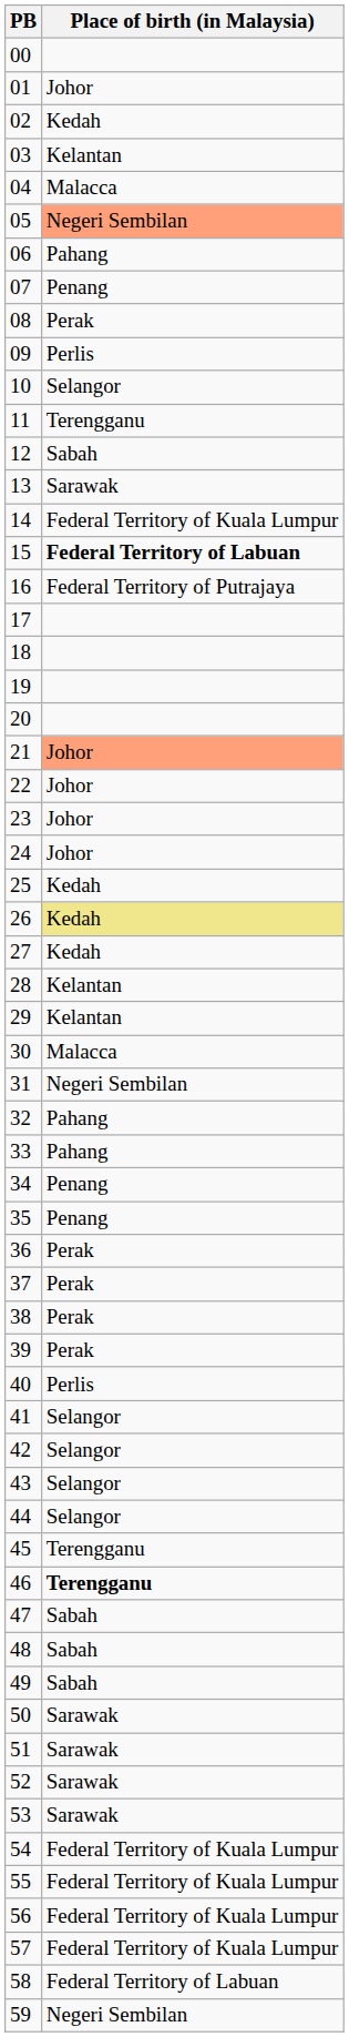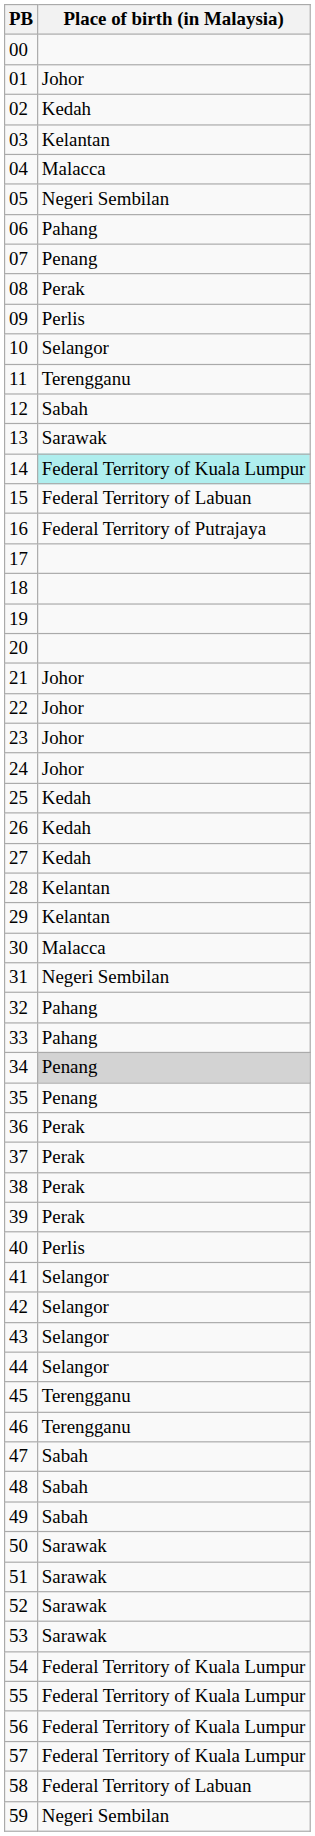 <table class=wikitable>
 <tr>
 <th>PB</th>
 <th>Place of birth (in Malaysia)</th>
 </tr>
 <tr>
 <td>00</td>
 <td></td>
 </tr>
 <tr>
 <td>01</td>
 <td>Johor</td>
 </tr>
 <tr>
 <td>02</td>
 <td>Kedah</td>
 </tr>
 <tr>
 <td>03</td>
 <td>Kelantan</td>
 </tr>
 <tr>
 <td>04</td>
 <td>Malacca</td>
 </tr>
 <tr>
 <td>05</td>
-<td style="background: lightsalmon;">Negeri Sembilan</td>
+<td>Negeri Sembilan</td>
 </tr>
 <tr>
 <td>06</td>
 <td>Pahang</td>
 </tr>
 <tr>
 <td>07</td>
 <td>Penang</td>
 </tr>
 <tr>
 <td>08</td>
 <td>Perak</td>
 </tr>
 <tr>
 <td>09</td>
 <td>Perlis</td>
 </tr>
 <tr>
 <td>10</td>
 <td>Selangor</td>
 </tr>
 <tr>
 <td>11</td>
 <td>Terengganu</td>
 </tr>
 <tr>
 <td>12</td>
 <td>Sabah</td>
 </tr>
 <tr>
 <td>13</td>
 <td>Sarawak</td>
 </tr>
 <tr>
 <td>14</td>
-<td>Federal Territory of Kuala Lumpur</td>
+<td style="background: paleturquoise;">Federal Territory of Kuala Lumpur</td>
 </tr>
 <tr>
 <td>15</td>
-<td><strong>Federal Territory of Labuan</strong></td>
+<td>Federal Territory of Labuan</td>
 </tr>
 <tr>
 <td>16</td>
 <td>Federal Territory of Putrajaya</td>
 </tr>
 <tr>
 <td>17</td>
 <td></td>
 </tr>
 <tr>
 <td>18</td>
 <td></td>
 </tr>
 <tr>
 <td>19</td>
 <td></td>
 </tr>
 <tr>
 <td>20</td>
 <td></td>
 </tr>
 <tr>
 <td>21</td>
-<td style="background: lightsalmon;">Johor</td>
+<td>Johor</td>
 </tr>
 <tr>
 <td>22</td>
 <td>Johor</td>
 </tr>
 <tr>
 <td>23</td>
 <td>Johor</td>
 </tr>
 <tr>
 <td>24</td>
 <td>Johor</td>
 </tr>
 <tr>
 <td>25</td>
 <td>Kedah</td>
 </tr>
 <tr>
 <td>26</td>
-<td style="background: khaki;">Kedah</td>
+<td>Kedah</td>
 </tr>
 <tr>
 <td>27</td>
 <td>Kedah</td>
 </tr>
 <tr>
 <td>28</td>
 <td>Kelantan</td>
 </tr>
 <tr>
 <td>29</td>
 <td>Kelantan</td>
 </tr>
 <tr>
 <td>30</td>
 <td>Malacca</td>
 </tr>
 <tr>
 <td>31</td>
 <td>Negeri Sembilan</td>
 </tr>
 <tr>
 <td>32</td>
 <td>Pahang</td>
 </tr>
 <tr>
 <td>33</td>
 <td>Pahang</td>
 </tr>
 <tr>
 <td>34</td>
-<td>Penang</td>
+<td style="background: lightgrey;">Penang</td>
 </tr>
 <tr>
 <td>35</td>
 <td>Penang</td>
 </tr>
 <tr>
 <td>36</td>
 <td>Perak</td>
 </tr>
 <tr>
 <td>37</td>
 <td>Perak</td>
 </tr>
 <tr>
 <td>38</td>
 <td>Perak</td>
 </tr>
 <tr>
 <td>39</td>
 <td>Perak</td>
 </tr>
 <tr>
 <td>40</td>
 <td>Perlis</td>
 </tr>
 <tr>
 <td>41</td>
 <td>Selangor</td>
 </tr>
 <tr>
 <td>42</td>
 <td>Selangor</td>
 </tr>
 <tr>
 <td>43</td>
 <td>Selangor</td>
 </tr>
 <tr>
 <td>44</td>
 <td>Selangor</td>
 </tr>
 <tr>
 <td>45</td>
 <td>Terengganu</td>
 </tr>
 <tr>
 <td>46</td>
-<td><strong>Terengganu</strong></td>
+<td>Terengganu</td>
 </tr>
 <tr>
 <td>47</td>
 <td>Sabah</td>
 </tr>
 <tr>
 <td>48</td>
 <td>Sabah</td>
 </tr>
 <tr>
 <td>49</td>
 <td>Sabah</td>
 </tr>
 <tr>
 <td>50</td>
 <td>Sarawak</td>
 </tr>
 <tr>
 <td>51</td>
 <td>Sarawak</td>
 </tr>
 <tr>
 <td>52</td>
 <td>Sarawak</td>
 </tr>
 <tr>
 <td>53</td>
 <td>Sarawak</td>
 </tr>
 <tr>
 <td>54</td>
 <td>Federal Territory of Kuala Lumpur</td>
 </tr>
 <tr>
 <td>55</td>
 <td>Federal Territory of Kuala Lumpur</td>
 </tr>
 <tr>
 <td>56</td>
 <td>Federal Territory of Kuala Lumpur</td>
 </tr>
 <tr>
 <td>57</td>
 <td>Federal Territory of Kuala Lumpur</td>
 </tr>
 <tr>
 <td>58</td>
 <td>Federal Territory of Labuan</td>
 </tr>
 <tr>
 <td>59</td>
 <td>Negeri Sembilan</td>
 </tr>
 </table>
